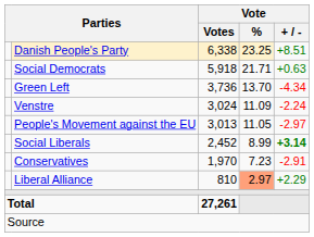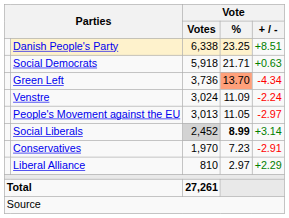 <table class="wikitable" style="text-align:right;">
 <tr>
 <th style="text-align:centre;" rowspan="2" colspan="2" width="225">Parties</th>
 <th colspan="3">Vote</th>
 </tr>
 <tr>
 <th width="15">Votes</th>
 <th width="15">%</th>
 <th width="15">+ / -</th>
 </tr>
 <tr>
 <td width="2" style="color:inherit;background:"></td>
 <td bgcolor=#fef2cc   align="left"><a href='#'>Danish People's Party</a></td>
 <td bgcolor=#fef2cc>6,338</td>
 <td bgcolor=#fef2cc>23.25</td>
 <td style=color:green;>+8.51</td>
 </tr>
 <tr>
 <td width="2" style="color:inherit;background:"></td>
 <td align="left"><a href='#'>Social Democrats</a></td>
 <td>5,918</td>
 <td>21.71</td>
 <td style=color:green;>+0.63</td>
 </tr>
 <tr>
 <td width="2" style="color:inherit;background:"></td>
 <td align="left"><a href='#'>Green Left</a></td>
 <td>3,736</td>
-<td>13.70</td>
+<td style="background: lightsalmon;">13.70</td>
 <td style=color:red;>-4.34</td>
 </tr>
 <tr>
 <td width="2" style="color:inherit;background:"></td>
 <td align="left"><a href='#'>Venstre</a></td>
 <td>3,024</td>
 <td>11.09</td>
 <td style=color:red;>-2.24</td>
 </tr>
 <tr>
 <td width="2" style="color:inherit;background:"></td>
 <td align="left"><a href='#'>People's Movement against the EU</a></td>
 <td>3,013</td>
 <td>11.05</td>
 <td style=color:red;>-2.97</td>
 </tr>
 <tr>
 <td width="2" style="color:inherit;background:"></td>
 <td align="left"><a href='#'>Social Liberals</a></td>
-<td>2,452</td>
-<td>8.99</td>
-<td style=color:green;><strong>+3.14</strong></td>
+<td style="background: lightgrey;">2,452</td>
+<td><strong>8.99</strong></td>
+<td style=color:green;>+3.14</td>
 </tr>
 <tr>
 <td width="2" style="color:inherit;background:"></td>
 <td align="left"><a href='#'>Conservatives</a></td>
 <td>1,970</td>
 <td>7.23</td>
 <td style=color:red;>-2.91</td>
 </tr>
 <tr>
 <td width="2" style="color:inherit;background:"></td>
 <td align="left"><a href='#'>Liberal Alliance</a></td>
 <td>810</td>
-<td style="background: lightsalmon;">2.97</td>
+<td>2.97</td>
 <td style=color:green;>+2.29</td>
 </tr>
 <tr>
 <td colspan="7" bgcolor="#E9E9E9"></td>
 </tr>
 <tr>
 <td align="left" colspan="2"><strong>Total</strong></td>
 <td><strong>27,261</strong></td>
 <td bgcolor="#E9E9E9" colspan="2"></td>
 </tr>
 <tr>
 <td align="left" colspan="6">Source</td>
 </tr>
 </table>
